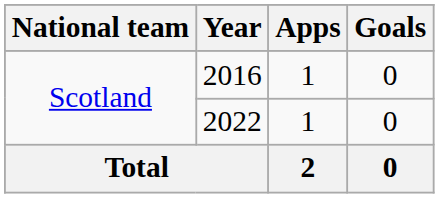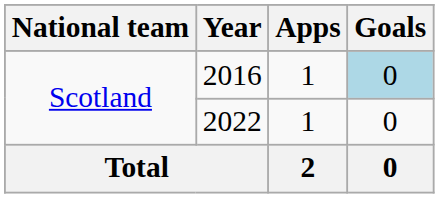 <table class=wikitable style="text-align: center">
 <tr>
 <th>National team</th>
 <th>Year</th>
 <th>Apps</th>
 <th>Goals</th>
 </tr>
 <tr>
 <td rowspan="2"><a href='#'>Scotland</a></td>
 <td>2016</td>
 <td>1</td>
-<td>0</td>
+<td style="background: lightblue;">0</td>
 </tr>
 <tr>
 <td>2022</td>
 <td>1</td>
 <td>0</td>
 </tr>
 <tr>
 <th colspan="2">Total</th>
 <th>2</th>
 <th>0</th>
 </tr>
 </table>
